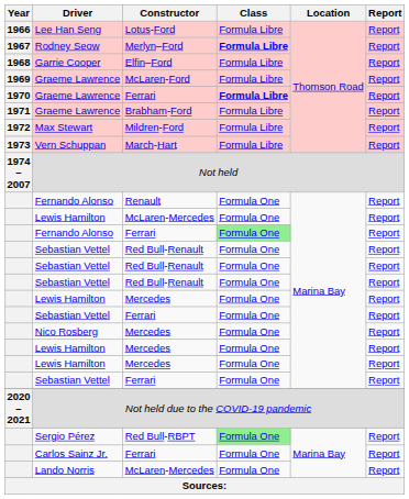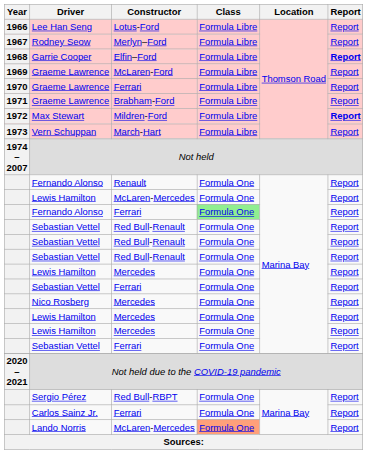 <table class="wikitable" style="font-size: 95%;">
 <tr>
 <th>Year</th>
 <th>Driver</th>
 <th>Constructor</th>
 <th>Class</th>
 <th>Location</th>
 <th>Report</th>
 </tr>
 <tr style="background:#fcc;">
 <th>1966</th>
 <td> <a href='#'>Lee Han Seng</a></td>
 <td><a href='#'>Lotus</a>-<a href='#'>Ford</a></td>
 <td><a href='#'>Formula Libre</a></td>
 <td rowspan="8"><a href='#'>Thomson Road</a></td>
 <td><a href='#'>Report</a></td>
 </tr>
 <tr style="background:#fcc;">
 <th>1967</th>
 <td> <a href='#'>Rodney Seow</a></td>
 <td><a href='#'>Merlyn</a>–<a href='#'>Ford</a></td>
-<td><strong><a href='#'>Formula Libre</a></strong></td>
+<td><a href='#'>Formula Libre</a></td>
 <td><a href='#'>Report</a></td>
 </tr>
 <tr style="background:#fcc;">
 <th>1968</th>
 <td> <a href='#'>Garrie Cooper</a></td>
 <td><a href='#'>Elfin</a>–<a href='#'>Ford</a></td>
 <td><a href='#'>Formula Libre</a></td>
-<td><a href='#'>Report</a></td>
+<td><strong><a href='#'>Report</a></strong></td>
 </tr>
 <tr style="background:#fcc;">
 <th>1969</th>
 <td> <a href='#'>Graeme Lawrence</a></td>
 <td><a href='#'>McLaren</a>-<a href='#'>Ford</a></td>
 <td><a href='#'>Formula Libre</a></td>
 <td><a href='#'>Report</a></td>
 </tr>
 <tr style="background:#fcc;">
 <th>1970</th>
 <td> <a href='#'>Graeme Lawrence</a></td>
 <td><a href='#'>Ferrari</a></td>
-<td><strong><a href='#'>Formula Libre</a></strong></td>
+<td><a href='#'>Formula Libre</a></td>
 <td><a href='#'>Report</a></td>
 </tr>
 <tr style="background:#fcc;">
 <th>1971</th>
 <td> <a href='#'>Graeme Lawrence</a></td>
 <td><a href='#'>Brabham</a>-<a href='#'>Ford</a></td>
 <td><a href='#'>Formula Libre</a></td>
 <td><a href='#'>Report</a></td>
 </tr>
 <tr style="background:#fcc;">
 <th>1972</th>
 <td> <a href='#'>Max Stewart</a></td>
 <td><a href='#'>Mildren</a>-<a href='#'>Ford</a></td>
 <td><a href='#'>Formula Libre</a></td>
-<td><a href='#'>Report</a></td>
+<td><strong><a href='#'>Report</a></strong></td>
 </tr>
 <tr style="background:#fcc;">
 <th>1973</th>
 <td> <a href='#'>Vern Schuppan</a></td>
 <td><a href='#'>March</a>-<a href='#'>Hart</a></td>
 <td><a href='#'>Formula Libre</a></td>
 <td><a href='#'>Report</a></td>
 </tr>
 <tr style="background:#ddd">
 <th>1974<br>–<br>2007</th>
 <td align=center colspan=5><em>Not held</em></td>
 </tr>
 <tr>
 <th></th>
 <td> <a href='#'>Fernando Alonso</a></td>
 <td><a href='#'>Renault</a></td>
 <td><a href='#'>Formula One</a></td>
 <td rowspan="12"><a href='#'>Marina Bay</a></td>
 <td><a href='#'>Report</a></td>
 </tr>
 <tr>
 <th></th>
 <td> <a href='#'>Lewis Hamilton</a></td>
 <td><a href='#'>McLaren</a>-<a href='#'>Mercedes</a></td>
 <td><a href='#'>Formula One</a></td>
 <td><a href='#'>Report</a></td>
 </tr>
 <tr>
 <th></th>
 <td> <a href='#'>Fernando Alonso</a></td>
 <td><a href='#'>Ferrari</a></td>
 <td style="background: lightgreen;"><a href='#'>Formula One</a></td>
 <td><a href='#'>Report</a></td>
 </tr>
 <tr>
 <th></th>
 <td> <a href='#'>Sebastian Vettel</a></td>
 <td><a href='#'>Red Bull</a>-<a href='#'>Renault</a></td>
 <td><a href='#'>Formula One</a></td>
 <td><a href='#'>Report</a></td>
 </tr>
 <tr>
 <th></th>
 <td> <a href='#'>Sebastian Vettel</a></td>
 <td><a href='#'>Red Bull</a>-<a href='#'>Renault</a></td>
 <td><a href='#'>Formula One</a></td>
 <td><a href='#'>Report</a></td>
 </tr>
 <tr>
 <th></th>
 <td> <a href='#'>Sebastian Vettel</a></td>
 <td><a href='#'>Red Bull</a>-<a href='#'>Renault</a></td>
 <td><a href='#'>Formula One</a></td>
 <td><a href='#'>Report</a></td>
 </tr>
 <tr>
 <th></th>
 <td> <a href='#'>Lewis Hamilton</a></td>
 <td><a href='#'>Mercedes</a></td>
 <td><a href='#'>Formula One</a></td>
 <td><a href='#'>Report</a></td>
 </tr>
 <tr>
 <th></th>
 <td> <a href='#'>Sebastian Vettel</a></td>
 <td><a href='#'>Ferrari</a></td>
 <td><a href='#'>Formula One</a></td>
 <td><a href='#'>Report</a></td>
 </tr>
 <tr>
 <th></th>
 <td> <a href='#'>Nico Rosberg</a></td>
 <td><a href='#'>Mercedes</a></td>
 <td><a href='#'>Formula One</a></td>
 <td><a href='#'>Report</a></td>
 </tr>
 <tr>
 <th></th>
 <td> <a href='#'>Lewis Hamilton</a></td>
 <td><a href='#'>Mercedes</a></td>
 <td><a href='#'>Formula One</a></td>
 <td><a href='#'>Report</a></td>
 </tr>
 <tr>
 <th></th>
 <td> <a href='#'>Lewis Hamilton</a></td>
 <td><a href='#'>Mercedes</a></td>
 <td><a href='#'>Formula One</a></td>
 <td><a href='#'>Report</a></td>
 </tr>
 <tr>
 <th></th>
 <td> <a href='#'>Sebastian Vettel</a></td>
 <td><a href='#'>Ferrari</a></td>
 <td><a href='#'>Formula One</a></td>
 <td><a href='#'>Report</a></td>
 </tr>
 <tr>
 </tr>
 <tr style="background:#ddd">
 <th>2020<br>–<br>2021</th>
 <td align=center colspan=5><em>Not held due to the <a href='#'>COVID-19 pandemic</a></em></td>
 </tr>
 <tr>
 <th></th>
 <td> <a href='#'>Sergio Pérez</a></td>
 <td><a href='#'>Red Bull</a>-<a href='#'>RBPT</a></td>
-<td style="background: lightgreen;"><a href='#'>Formula One</a></td>
+<td><a href='#'>Formula One</a></td>
 <td rowspan="3"><a href='#'>Marina Bay</a></td>
 <td><a href='#'>Report</a></td>
 </tr>
 <tr>
 <th></th>
 <td> <a href='#'>Carlos Sainz Jr.</a></td>
 <td><a href='#'>Ferrari</a></td>
 <td><a href='#'>Formula One</a></td>
 <td><a href='#'>Report</a></td>
 </tr>
 <tr>
 <th></th>
 <td> <a href='#'>Lando Norris</a></td>
 <td><a href='#'>McLaren</a>-<a href='#'>Mercedes</a></td>
-<td><a href='#'>Formula One</a></td>
+<td style="background: lightsalmon;"><a href='#'>Formula One</a></td>
 <td><a href='#'>Report</a></td>
 </tr>
 <tr>
 <th colspan=6>Sources:</th>
 </tr>
 </table>
